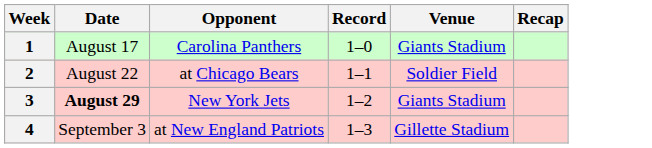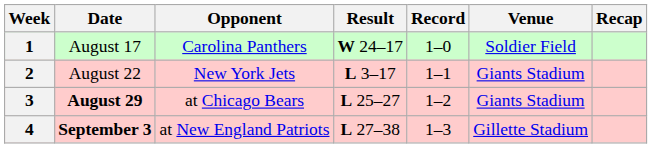 <table class="wikitable" style="text-align:center">
 <tr>
 <th>Week</th>
 <th>Date</th>
 <th>Opponent</th>
+<th>Result</th>
 <th>Record</th>
 <th>Venue</th>
 <th>Recap</th>
 </tr>
 <tr style="background:#cfc;">
 <th style="text-align:center;">1</th>
 <td style="text-align:center;">August 17</td>
 <td style="text-align:center;"><a href='#'>Carolina Panthers</a></td>
+<td style="text-align:center;"><strong>W</strong> 24–17</td>
 <td style="text-align:center;">1–0</td>
-<td style="text-align:center;"><a href='#'>Giants Stadium</a></td>
+<td style="text-align:center;"><a href='#'>Soldier Field</a></td>
 <td style="text-align:center;"></td>
 </tr>
 <tr style="background:#fcc;">
 <th style="text-align:center;">2</th>
 <td style="text-align:center;">August 22</td>
-<td style="text-align:center;">at <a href='#'>Chicago Bears</a></td>
+<td style="text-align:center;"><a href='#'>New York Jets</a></td>
+<td style="text-align:center;"><strong>L</strong> 3–17</td>
 <td style="text-align:center;">1–1</td>
-<td style="text-align:center;"><a href='#'>Soldier Field</a></td>
+<td style="text-align:center;"><a href='#'>Giants Stadium</a></td>
 <td style="text-align:center;"></td>
 </tr>
 <tr style="background:#fcc;">
 <th style="text-align:center;">3</th>
 <td style="text-align:center;"><strong>August 29</strong></td>
-<td style="text-align:center;"><a href='#'>New York Jets</a></td>
+<td style="text-align:center;">at <a href='#'>Chicago Bears</a></td>
+<td style="text-align:center;"><strong>L</strong> 25–27</td>
 <td style="text-align:center;">1–2</td>
 <td style="text-align:center;"><a href='#'>Giants Stadium</a></td>
 <td style="text-align:center;"></td>
 </tr>
 <tr style="background:#fcc;">
 <th style="text-align:center;">4</th>
-<td style="text-align:center;">September 3</td>
+<td style="text-align:center;"><strong>September 3</strong></td>
 <td style="text-align:center;">at <a href='#'>New England Patriots</a></td>
+<td style="text-align:center;"><strong>L</strong> 27–38</td>
 <td style="text-align:center;">1–3</td>
 <td style="text-align:center;"><a href='#'>Gillette Stadium</a></td>
 <td style="text-align:center;"></td>
 </tr>
 </table>
